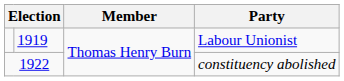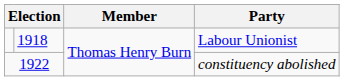 <table class="wikitable">
 <tr>
 <th colspan="2">Election</th>
 <th>Member</th>
 <th>Party</th>
 </tr>
 <tr>
 <td style="color:inherit;background-color: "></td>
-<td><a href='#'>1919</a></td>
+<td><a href='#'>1918</a></td>
 <td rowspan="3"><a href='#'>Thomas Henry Burn</a></td>
 <td><a href='#'>Labour Unionist</a></td>
 </tr>
 <tr>
 <td colspan="2" align="center"><a href='#'>1922</a></td>
 <td colspan="2"><em>constituency abolished</em></td>
 </tr>
 </table>
